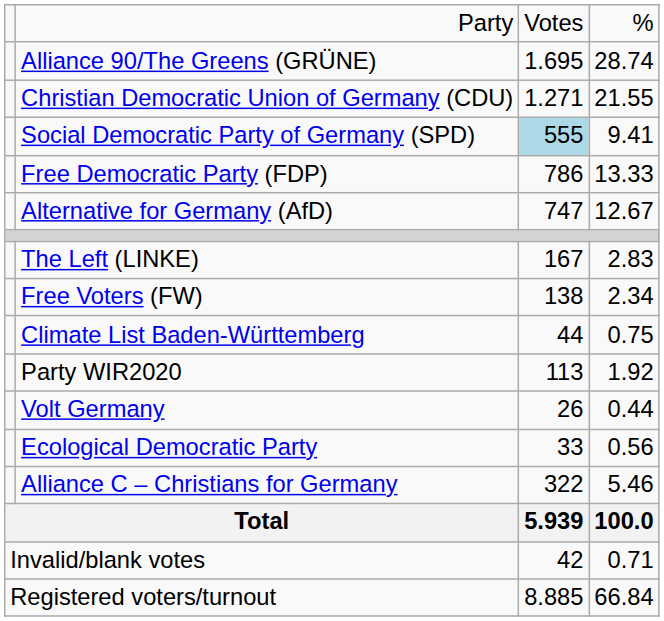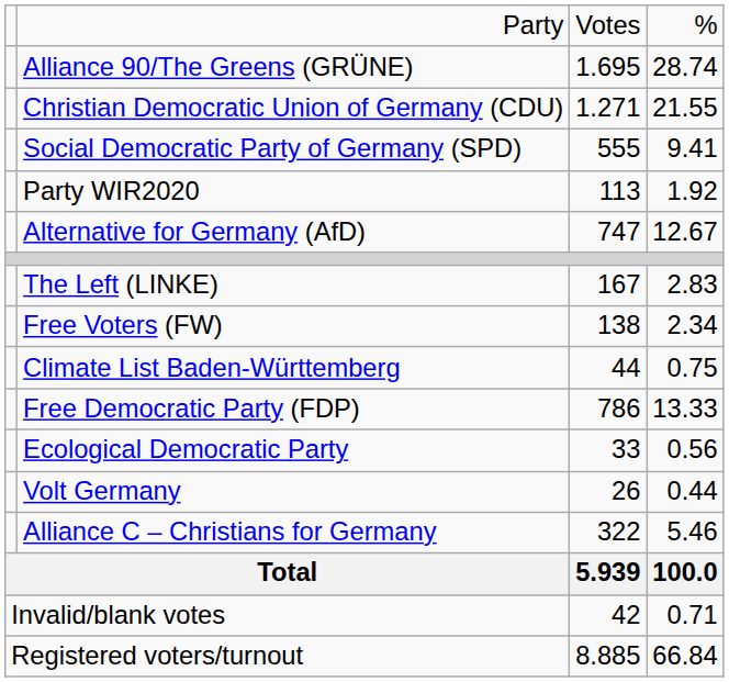 <table class="wikitable" style="text-align:right">
 <tr>
 <td></td>
 <td>Party</td>
 <td>Votes</td>
 <td>%</td>
 </tr>
 <tr>
 <td></td>
 <td align="left"><a href='#'>Alliance 90/The Greens</a> (GRÜNE)</td>
 <td>1.695</td>
 <td>28.74</td>
 </tr>
 <tr>
 <td></td>
 <td align="left"><a href='#'>Christian Democratic Union of Germany</a> (CDU)</td>
 <td>1.271</td>
 <td>21.55</td>
 </tr>
 <tr>
 <td></td>
 <td align="left"><a href='#'>Social Democratic Party of Germany</a> (SPD)</td>
-<td style="background: lightblue;">555</td>
+<td>555</td>
 <td>9.41</td>
 </tr>
 <tr>
 <td></td>
-<td align="left"><a href='#'>Free Democratic Party</a> (FDP)</td>
-<td>786</td>
-<td>13.33</td>
+<td align="left">Party WIR2020</td>
+<td>113</td>
+<td>1.92</td>
 </tr>
 <tr>
 <td></td>
 <td align="left"><a href='#'>Alternative for Germany</a> (AfD)</td>
 <td>747</td>
 <td>12.67</td>
 </tr>
 <tr>
 <td colspan="4" bgcolor="lightgrey"></td>
 </tr>
 <tr>
 <td></td>
 <td align="left"><a href='#'>The Left</a> (LINKE)</td>
 <td>167</td>
 <td>2.83</td>
 </tr>
 <tr>
 <td></td>
 <td align="left"><a href='#'>Free Voters</a> (FW)</td>
 <td>138</td>
 <td>2.34</td>
 </tr>
 <tr>
 <td></td>
 <td align="left"><a href='#'>Climate List Baden-Württemberg</a></td>
 <td>44</td>
 <td>0.75</td>
 </tr>
 <tr>
 <td></td>
-<td align="left">Party WIR2020</td>
-<td>113</td>
-<td>1.92</td>
+<td align="left"><a href='#'>Free Democratic Party</a> (FDP)</td>
+<td>786</td>
+<td>13.33</td>
+</tr>
+<tr>
+<td></td>
+<td align="left"><a href='#'>Ecological Democratic Party</a></td>
+<td>33</td>
+<td>0.56</td>
 </tr>
 <tr>
 <td></td>
 <td align="left"><a href='#'>Volt Germany</a></td>
 <td>26</td>
 <td>0.44</td>
-</tr>
-<tr>
-<td></td>
-<td align="left"><a href='#'>Ecological Democratic Party</a></td>
-<td>33</td>
-<td>0.56</td>
 </tr>
 <tr>
 <td></td>
 <td align="left"><a href='#'>Alliance C – Christians for Germany</a></td>
 <td>322</td>
 <td>5.46</td>
 </tr>
 <tr>
 <th colspan="2">Total</th>
 <th>5.939</th>
 <th>100.0</th>
 </tr>
 <tr>
 <td colspan="2" align="left">Invalid/blank votes</td>
 <td>42</td>
 <td>0.71</td>
 </tr>
 <tr>
 <td colspan="2" align="left">Registered voters/turnout</td>
 <td>8.885</td>
 <td>66.84</td>
 </tr>
 </table>
